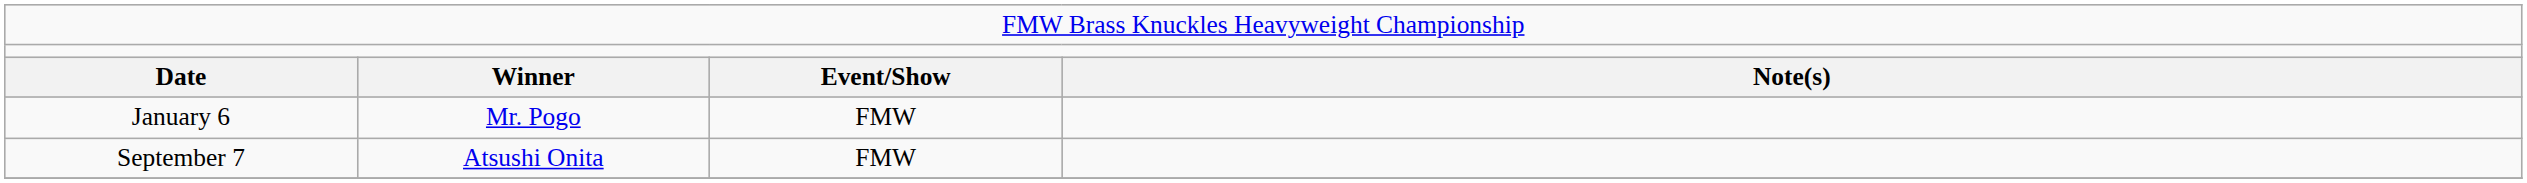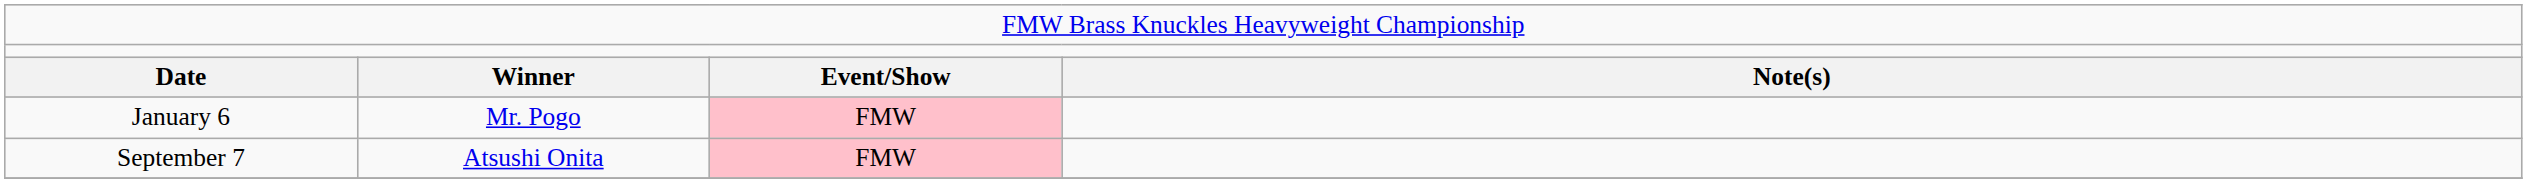 <table class="wikitable" style="text-align:center; width:100%;">
 <tr>
 <td colspan="5"><a href='#'>FMW Brass Knuckles Heavyweight Championship</a></td>
 </tr>
 <tr>
 <td colspan="5"><strong></strong></td>
 </tr>
 <tr>
 <th width="14%">Date</th>
 <th width="14%">Winner</th>
 <th width="14%">Event/Show</th>
 <th width="58%">Note(s)</th>
 </tr>
 <tr>
 <td>January 6</td>
 <td><a href='#'>Mr. Pogo</a></td>
-<td>FMW</td>
+<td style="background: pink;">FMW</td>
 <td align="left"></td>
 </tr>
 <tr>
 <td>September 7</td>
 <td><a href='#'>Atsushi Onita</a></td>
-<td>FMW</td>
+<td style="background: pink;">FMW</td>
 <td align="left"></td>
 </tr>
 <tr>
 </tr>
 </table>
